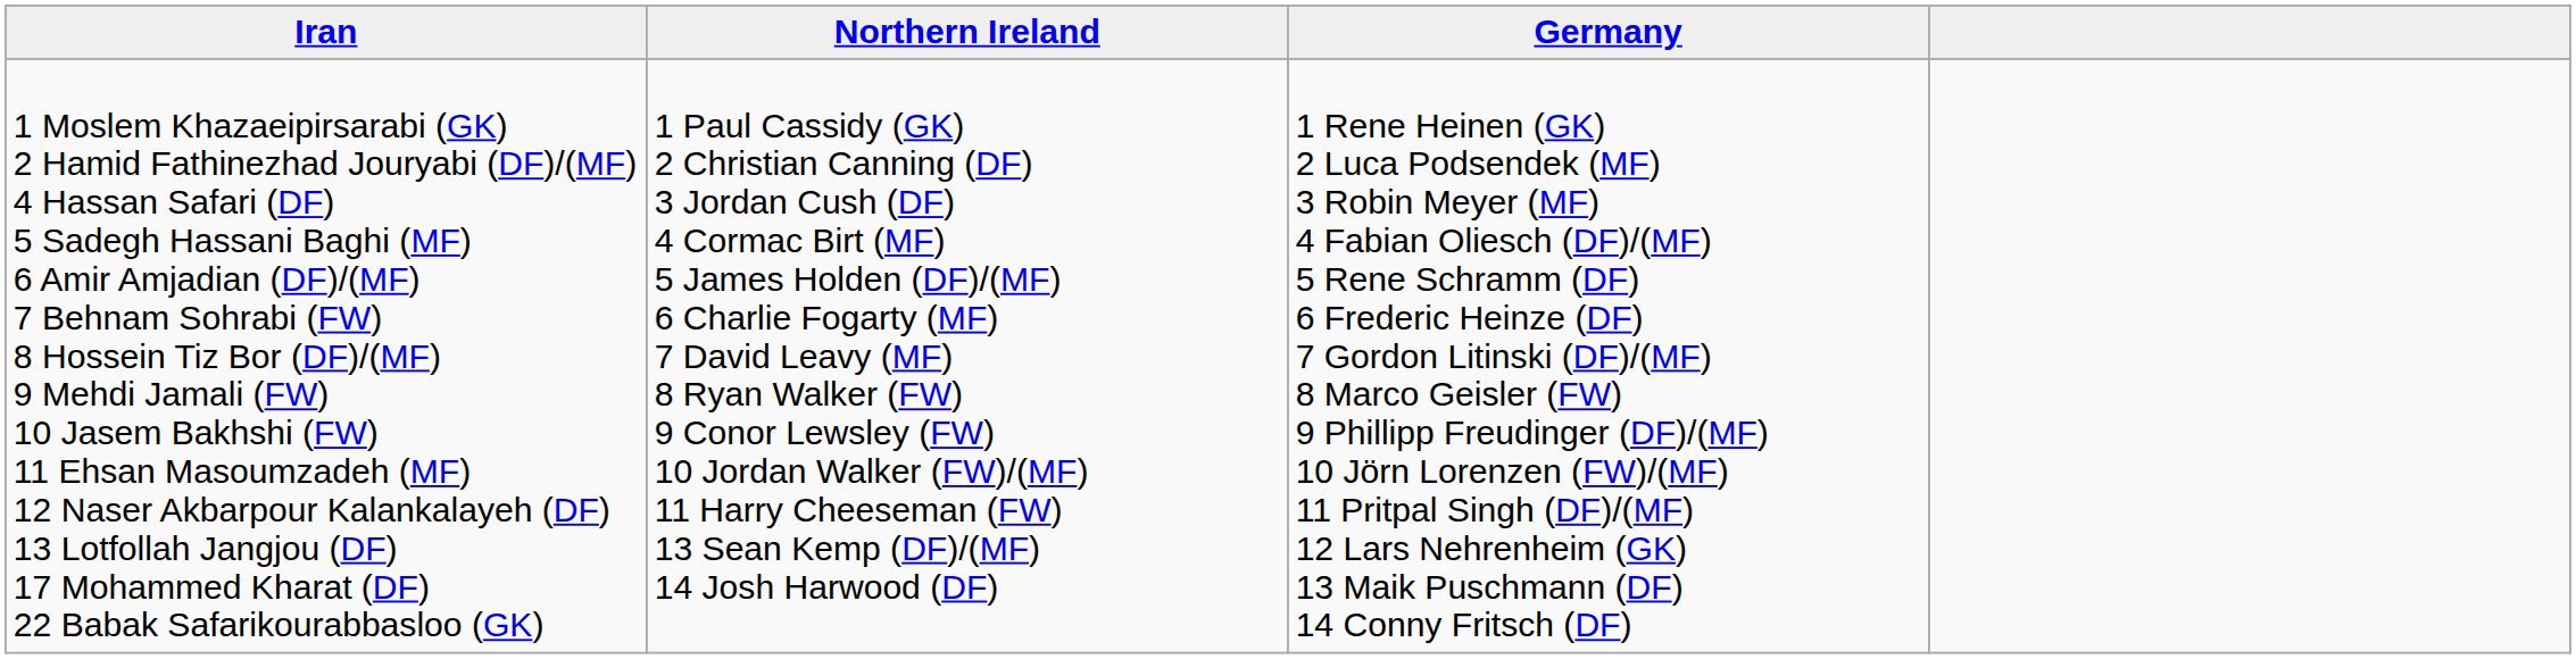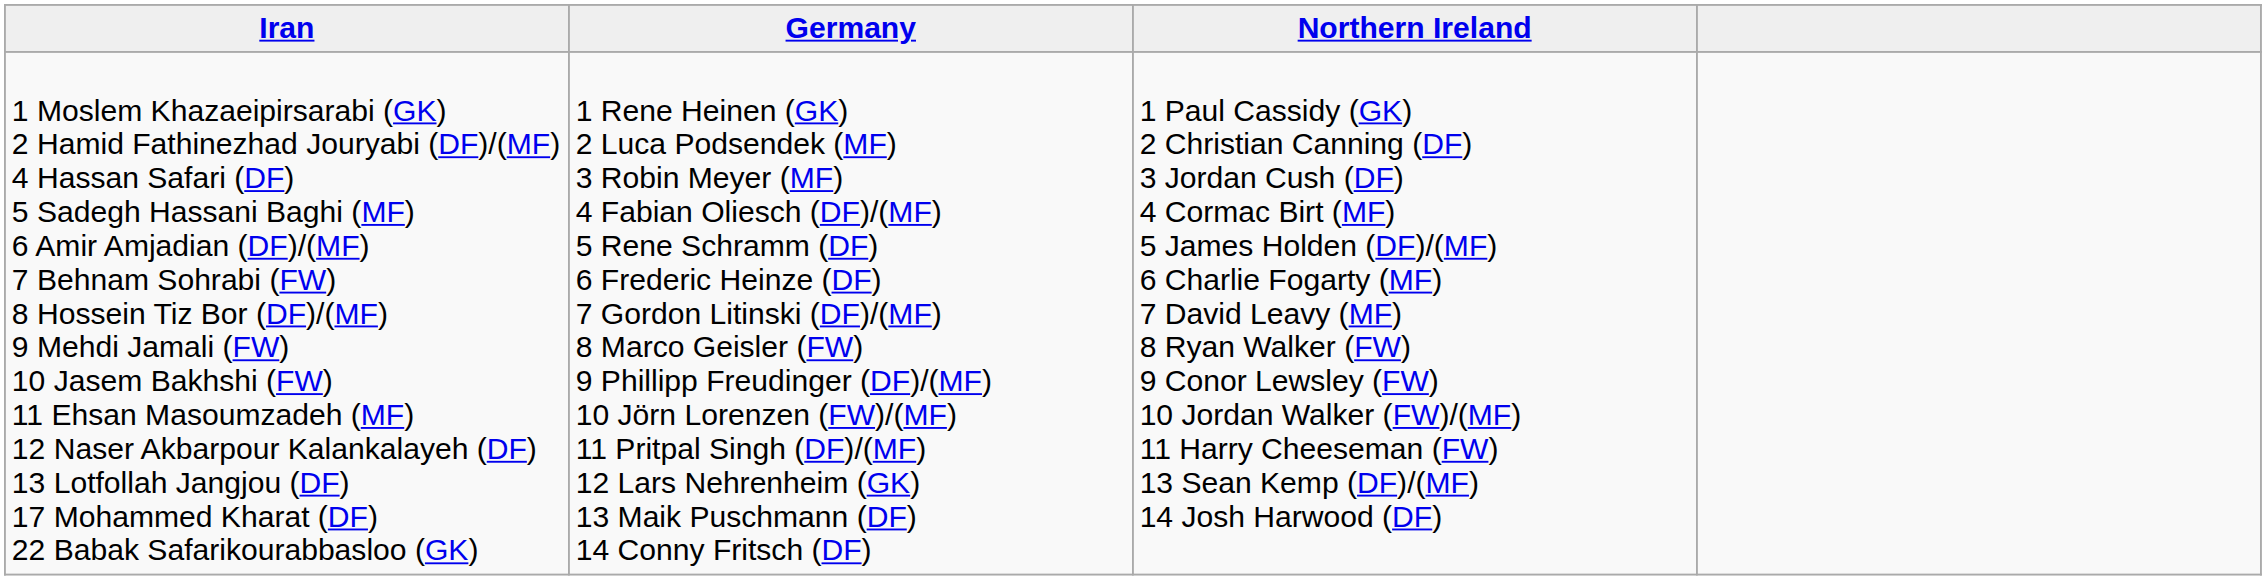 <table class="wikitable mw-collapsible mw-collapsed" cellpadding=5 cellspacing=0 style="width:95%">
 <tr align=center>
 <td bgcolor="#efefef" width="200"><strong> <a href='#'>Iran</a></strong></td>
+<td bgcolor="#efefef" width="200"><strong> <a href='#'>Germany</a></strong></td>
 <td bgcolor="#efefef" width="200"><strong> <a href='#'>Northern Ireland</a></strong></td>
-<td bgcolor="#efefef" width="200"><strong> <a href='#'>Germany</a></strong></td>
 <td bgcolor="#efefef" width="200"></td>
 </tr>
 <tr valign=top>
 <td><br>1 Moslem Khazaeipirsarabi (<a href='#'>GK</a>)<br> 2 Hamid Fathinezhad Jouryabi (<a href='#'>DF</a>)/(<a href='#'>MF</a>)<br> 4 Hassan Safari (<a href='#'>DF</a>)<br> 5 Sadegh Hassani Baghi (<a href='#'>MF</a>)<br> 6 Amir Amjadian (<a href='#'>DF</a>)/(<a href='#'>MF</a>)<br> 7 Behnam Sohrabi (<a href='#'>FW</a>)<br> 8 Hossein Tiz Bor (<a href='#'>DF</a>)/(<a href='#'>MF</a>)<br> 9 Mehdi Jamali (<a href='#'>FW</a>)<br> 10 Jasem Bakhshi (<a href='#'>FW</a>)<br> 11 Ehsan Masoumzadeh (<a href='#'>MF</a>)<br> 12 Naser Akbarpour Kalankalayeh (<a href='#'>DF</a>)<br> 13 Lotfollah Jangjou (<a href='#'>DF</a>)<br> 17 Mohammed Kharat (<a href='#'>DF</a>)<br> 22 Babak Safarikourabbasloo (<a href='#'>GK</a>)<br></td>
+<td><br>1 Rene Heinen (<a href='#'>GK</a>)<br> 2 Luca Podsendek (<a href='#'>MF</a>)<br> 3 Robin Meyer (<a href='#'>MF</a>)<br> 4 Fabian Oliesch (<a href='#'>DF</a>)/(<a href='#'>MF</a>)<br> 5 Rene Schramm (<a href='#'>DF</a>)<br> 6 Frederic	Heinze (<a href='#'>DF</a>)<br> 7 Gordon Litinski (<a href='#'>DF</a>)/(<a href='#'>MF</a>)<br> 8 Marco Geisler (<a href='#'>FW</a>)<br> 9 Phillipp Freudinger (<a href='#'>DF</a>)/(<a href='#'>MF</a>)<br> 10 Jörn	Lorenzen (<a href='#'>FW</a>)/(<a href='#'>MF</a>)<br> 11 Pritpal Singh (<a href='#'>DF</a>)/(<a href='#'>MF</a>)<br> 12 Lars	Nehrenheim (<a href='#'>GK</a>)<br> 13 Maik	Puschmann (<a href='#'>DF</a>)<br> 14 Conny Fritsch (<a href='#'>DF</a>)<br></td>
 <td><br>1 Paul Cassidy (<a href='#'>GK</a>)<br> 2 Christian Canning (<a href='#'>DF</a>)<br> 3 Jordan Cush (<a href='#'>DF</a>)<br> 4 Cormac Birt (<a href='#'>MF</a>)<br> 5 James Holden (<a href='#'>DF</a>)/(<a href='#'>MF</a>)<br> 6 Charlie Fogarty (<a href='#'>MF</a>)<br> 7 David Leavy (<a href='#'>MF</a>)<br> 8 Ryan Walker (<a href='#'>FW</a>)<br> 9 Conor Lewsley (<a href='#'>FW</a>)<br> 10 Jordan Walker (<a href='#'>FW</a>)/(<a href='#'>MF</a>)<br> 11 Harry Cheeseman (<a href='#'>FW</a>)<br> 13 Sean	Kemp (<a href='#'>DF</a>)/(<a href='#'>MF</a>)<br> 14 Josh	Harwood (<a href='#'>DF</a>)<br></td>
-<td><br>1 Rene Heinen (<a href='#'>GK</a>)<br> 2 Luca Podsendek (<a href='#'>MF</a>)<br> 3 Robin Meyer (<a href='#'>MF</a>)<br> 4 Fabian Oliesch (<a href='#'>DF</a>)/(<a href='#'>MF</a>)<br> 5 Rene Schramm (<a href='#'>DF</a>)<br> 6 Frederic	Heinze (<a href='#'>DF</a>)<br> 7 Gordon Litinski (<a href='#'>DF</a>)/(<a href='#'>MF</a>)<br> 8 Marco Geisler (<a href='#'>FW</a>)<br> 9 Phillipp Freudinger (<a href='#'>DF</a>)/(<a href='#'>MF</a>)<br> 10 Jörn	Lorenzen (<a href='#'>FW</a>)/(<a href='#'>MF</a>)<br> 11 Pritpal Singh (<a href='#'>DF</a>)/(<a href='#'>MF</a>)<br> 12 Lars	Nehrenheim (<a href='#'>GK</a>)<br> 13 Maik	Puschmann (<a href='#'>DF</a>)<br> 14 Conny Fritsch (<a href='#'>DF</a>)<br></td>
 <td></td>
 </tr>
 </table>
